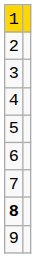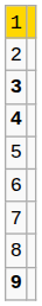 <table class="wikitable" style="text-align:center">
 <tr bgcolor=gold>
 <td>1</td>
 <td align=left><strong></strong></td>
 </tr>
 <tr>
 <td>2</td>
 <td align=left></td>
 </tr>
 <tr>
-<td>3</td>
+<td><strong>3</strong></td>
 <td align=left></td>
 </tr>
 <tr>
-<td>4</td>
+<td><strong>4</strong></td>
 <td align=left></td>
 </tr>
 <tr>
 <td>5</td>
 <td align=left></td>
 </tr>
 <tr>
 <td>6</td>
 <td align=left></td>
 </tr>
 <tr>
 <td>7</td>
 <td align=left></td>
 </tr>
 <tr>
-<td><strong>8</strong></td>
+<td>8</td>
 <td align=left></td>
 </tr>
 <tr>
-<td>9</td>
+<td><strong>9</strong></td>
 <td align=left></td>
 </tr>
 </table>
